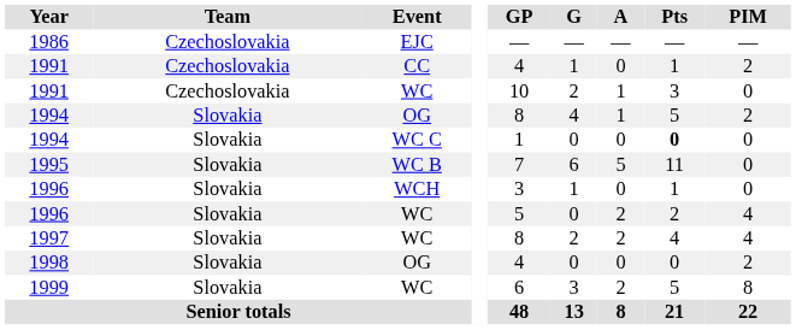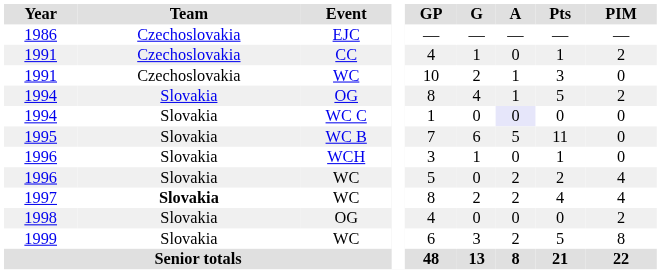 <table border="0" cellpadding="1" cellspacing="0" style="text-align:center; width:40em">
 <tr align="center" bgcolor="#e0e0e0">
 <th>Year</th>
 <th>Team</th>
 <th>Event</th>
 <th rowspan="99" bgcolor="#ffffff"> </th>
 <th>GP</th>
 <th>G</th>
 <th>A</th>
 <th>Pts</th>
 <th>PIM</th>
 </tr>
 <tr>
 <td><a href='#'>1986</a></td>
 <td><a href='#'>Czechoslovakia</a></td>
 <td><a href='#'>EJC</a></td>
 <td>—</td>
 <td>—</td>
 <td>—</td>
 <td>—</td>
 <td>—</td>
 </tr>
 <tr bgcolor="#f0f0f0">
 <td><a href='#'>1991</a></td>
 <td><a href='#'>Czechoslovakia</a></td>
 <td><a href='#'>CC</a></td>
 <td>4</td>
 <td>1</td>
 <td>0</td>
 <td>1</td>
 <td>2</td>
 </tr>
 <tr>
 <td><a href='#'>1991</a></td>
 <td>Czechoslovakia</td>
 <td><a href='#'>WC</a></td>
 <td>10</td>
 <td>2</td>
 <td>1</td>
 <td>3</td>
 <td>0</td>
 </tr>
 <tr bgcolor="#f0f0f0">
 <td><a href='#'>1994</a></td>
 <td><a href='#'>Slovakia</a></td>
 <td><a href='#'>OG</a></td>
 <td>8</td>
 <td>4</td>
 <td>1</td>
 <td>5</td>
 <td>2</td>
 </tr>
 <tr>
 <td><a href='#'>1994</a></td>
 <td>Slovakia</td>
 <td><a href='#'>WC C</a></td>
 <td>1</td>
 <td>0</td>
+<td style="background: lavender;">0</td>
 <td>0</td>
-<td><strong>0</strong></td>
 <td>0</td>
 </tr>
 <tr bgcolor="#f0f0f0">
 <td><a href='#'>1995</a></td>
 <td>Slovakia</td>
 <td><a href='#'>WC B</a></td>
 <td>7</td>
 <td>6</td>
 <td>5</td>
 <td>11</td>
 <td>0</td>
 </tr>
 <tr>
 <td><a href='#'>1996</a></td>
 <td>Slovakia</td>
 <td><a href='#'>WCH</a></td>
 <td>3</td>
 <td>1</td>
 <td>0</td>
 <td>1</td>
 <td>0</td>
 </tr>
 <tr bgcolor="#f0f0f0">
 <td><a href='#'>1996</a></td>
 <td>Slovakia</td>
 <td>WC</td>
 <td>5</td>
 <td>0</td>
 <td>2</td>
 <td>2</td>
 <td>4</td>
 </tr>
 <tr>
 <td><a href='#'>1997</a></td>
-<td>Slovakia</td>
+<td><strong>Slovakia</strong></td>
 <td>WC</td>
 <td>8</td>
 <td>2</td>
 <td>2</td>
 <td>4</td>
 <td>4</td>
 </tr>
 <tr bgcolor="#f0f0f0">
 <td><a href='#'>1998</a></td>
 <td>Slovakia</td>
 <td>OG</td>
 <td>4</td>
 <td>0</td>
 <td>0</td>
 <td>0</td>
 <td>2</td>
 </tr>
 <tr>
 <td><a href='#'>1999</a></td>
 <td>Slovakia</td>
 <td>WC</td>
 <td>6</td>
 <td>3</td>
 <td>2</td>
 <td>5</td>
 <td>8</td>
 </tr>
 <tr bgcolor="#e0e0e0">
 <th colspan=3>Senior totals</th>
 <th>48</th>
 <th>13</th>
 <th>8</th>
 <th>21</th>
 <th>22</th>
 </tr>
 </table>
